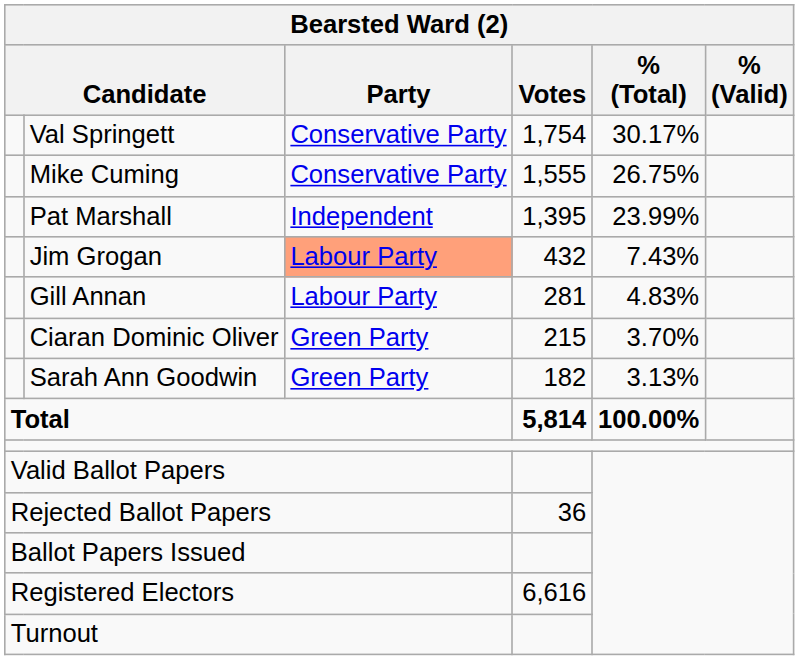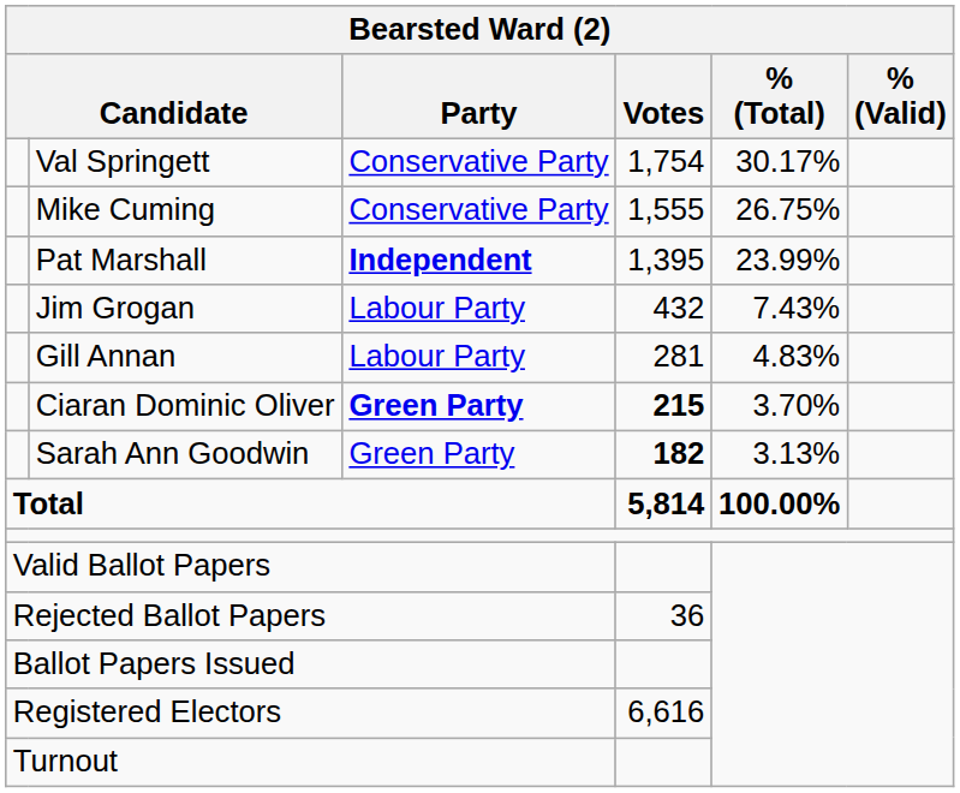 <table class="wikitable" border="1" style="text-align:right; font-size:100%">
 <tr>
 <th align=center colspan=6>Bearsted Ward (2)</th>
 </tr>
 <tr>
 <th valign=bottom align=left colspan=2>Candidate</th>
 <th valign=bottom align=left>Party</th>
 <th valign=bottom align=center>Votes</th>
 <th align=center>%<br>(Total)</th>
 <th align=center>%<br>(Valid)</th>
 </tr>
 <tr>
 <td bgcolor=> </td>
 <td align=left>Val Springett</td>
 <td align=left><a href='#'>Conservative Party</a></td>
 <td>1,754</td>
 <td>30.17%</td>
 <td></td>
 </tr>
 <tr>
 <td bgcolor=> </td>
 <td align=left>Mike Cuming</td>
 <td align=left><a href='#'>Conservative Party</a></td>
 <td>1,555</td>
 <td>26.75%</td>
 <td></td>
 </tr>
 <tr>
 <td></td>
 <td align=left>Pat Marshall</td>
-<td align=left><a href='#'>Independent</a></td>
+<td align=left><strong><a href='#'>Independent</a></strong></td>
 <td>1,395</td>
 <td>23.99%</td>
 <td></td>
 </tr>
 <tr>
 <td bgcolor=> </td>
 <td align=left>Jim Grogan</td>
-<td align=left style="background: lightsalmon;"><a href='#'>Labour Party</a></td>
+<td align=left><a href='#'>Labour Party</a></td>
 <td>432</td>
 <td>7.43%</td>
 <td></td>
 </tr>
 <tr>
 <td bgcolor=> </td>
 <td align=left>Gill Annan</td>
 <td align=left><a href='#'>Labour Party</a></td>
 <td>281</td>
 <td>4.83%</td>
 <td></td>
 </tr>
 <tr>
 <td bgcolor=> </td>
 <td align=left>Ciaran Dominic Oliver</td>
-<td align=left><a href='#'>Green Party</a></td>
-<td>215</td>
+<td align=left><strong><a href='#'>Green Party</a></strong></td>
+<td><strong>215</strong></td>
 <td>3.70%</td>
 <td></td>
 </tr>
 <tr>
 <td bgcolor=> </td>
 <td align=left>Sarah Ann Goodwin</td>
 <td align=left><a href='#'>Green Party</a></td>
-<td>182</td>
+<td><strong>182</strong></td>
 <td>3.13%</td>
 <td></td>
 </tr>
 <tr>
 <td align=left colspan=3><strong>Total</strong></td>
 <td><strong>5,814</strong></td>
 <td><strong>100.00%</strong></td>
 <td></td>
 </tr>
 <tr>
 <td align=left colspan=6></td>
 </tr>
 <tr>
 <td align=left colspan=3>Valid Ballot Papers</td>
 <td></td>
 <td colspan=2 rowspan=5></td>
 </tr>
 <tr>
 <td align=left colspan=3>Rejected Ballot Papers</td>
 <td>36</td>
 </tr>
 <tr>
 <td align=left colspan=3>Ballot Papers Issued</td>
 <td></td>
 </tr>
 <tr>
 <td align=left colspan=3>Registered Electors</td>
 <td>6,616</td>
 </tr>
 <tr>
 <td align=left colspan=3>Turnout</td>
 <td></td>
 </tr>
 </table>
